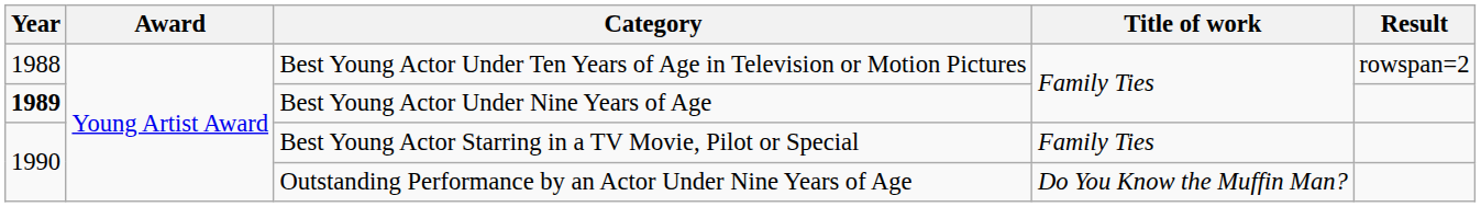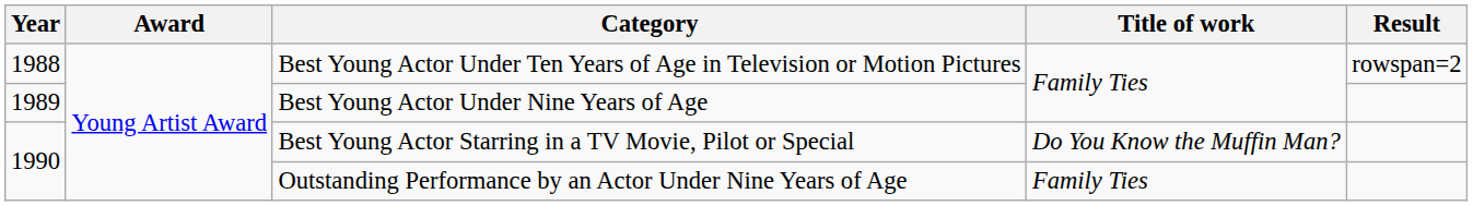 <table class="wikitable sortable">
 <tr>
 <th>Year</th>
 <th>Award</th>
 <th>Category</th>
 <th>Title of work</th>
 <th>Result</th>
 </tr>
 <tr>
 <td>1988</td>
 <td rowspan=4><a href='#'>Young Artist Award</a></td>
 <td>Best Young Actor Under Ten Years of Age in Television or Motion Pictures</td>
 <td rowspan=2><em>Family Ties</em></td>
 <td>rowspan=2 </td>
 </tr>
 <tr>
-<td><strong>1989</strong></td>
+<td>1989</td>
 <td>Best Young Actor Under Nine Years of Age</td>
 </tr>
 <tr>
 <td rowspan=2>1990</td>
 <td>Best Young Actor Starring in a TV Movie, Pilot or Special</td>
-<td><em>Family Ties</em></td>
+<td><em>Do You Know the Muffin Man? </em></td>
 <td></td>
 </tr>
 <tr>
 <td>Outstanding Performance by an Actor Under Nine Years of Age</td>
-<td><em>Do You Know the Muffin Man? </em></td>
+<td><em>Family Ties</em></td>
 <td></td>
 </tr>
 </table>
